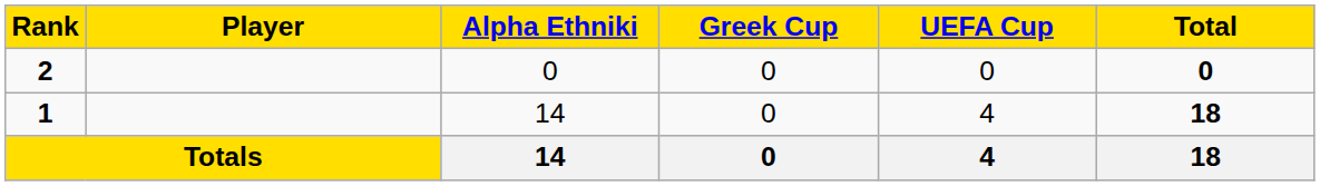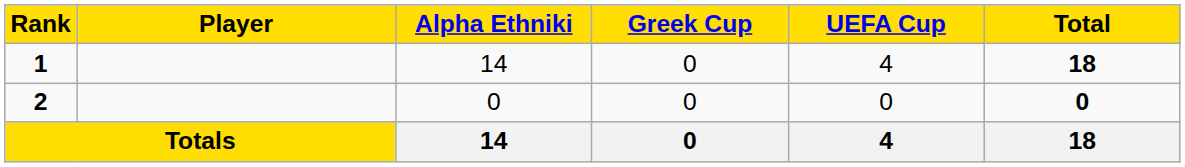 <table class="wikitable sortable" style="text-align:center">
 <tr>
 <th style="background:#FFDE00">Rank</th>
 <th width=200 style="background:#FFDE00">Player</th>
 <th width=120 style="background:#FFDE00"><a href='#'>Alpha Ethniki</a></th>
 <th width=120 style="background:#FFDE00"><a href='#'>Greek Cup</a></th>
 <th width=120 style="background:#FFDE00"><a href='#'>UEFA Cup</a></th>
 <th width=120 style="background:#FFDE00">Total</th>
 </tr>
 <tr>
+<td><strong>1</strong></td>
+<td align=left></td>
+<td>14</td>
+<td>0</td>
+<td>4</td>
+<td><strong>18</strong></td>
+</tr>
+<tr>
 <td><strong>2</strong></td>
 <td align=left></td>
 <td>0</td>
 <td>0</td>
 <td>0</td>
 <td><strong>0</strong></td>
-</tr>
-<tr>
-<td><strong>1</strong></td>
-<td align=left></td>
-<td>14</td>
-<td>0</td>
-<td>4</td>
-<td><strong>18</strong></td>
 </tr>
 <tr class="sortbottom">
 <th colspan=2 style="background:#FFDE00"><strong>Totals</strong></th>
 <th><strong>14</strong></th>
 <th><strong> 0</strong></th>
 <th><strong> 4</strong></th>
 <th><strong>18</strong></th>
 </tr>
 </table>
